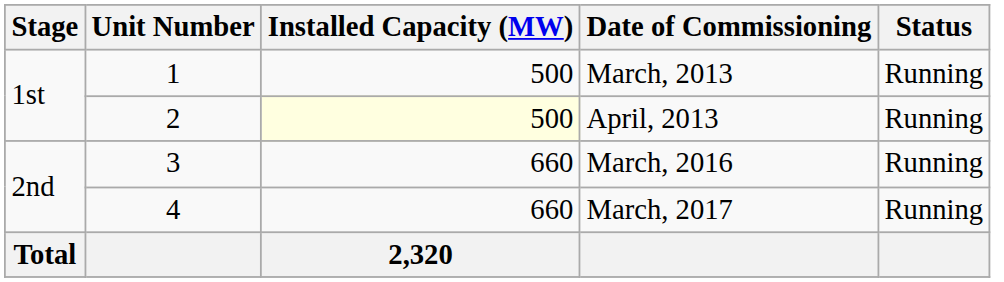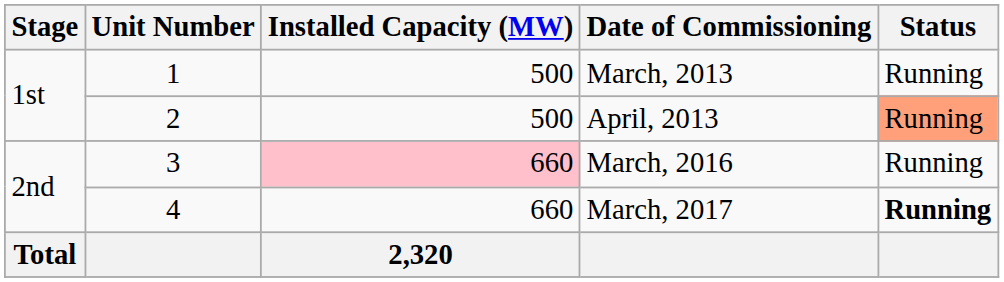 <table class="wikitable">
 <tr>
 <th>Stage</th>
 <th>Unit Number</th>
 <th>Installed Capacity (<a href='#'>MW</a>)</th>
 <th>Date of Commissioning</th>
 <th>Status</th>
 </tr>
 <tr>
 <td rowspan = "2">1st</td>
 <td align="center">1</td>
 <td align="right">500</td>
 <td>March, 2013</td>
 <td>Running</td>
 </tr>
 <tr>
 <td align="center">2</td>
-<td align="right" style="background: lightyellow;">500</td>
+<td align="right">500</td>
 <td>April, 2013</td>
-<td>Running</td>
+<td style="background: lightsalmon;">Running</td>
 </tr>
 <tr>
 <td rowspan = "2">2nd</td>
 <td align="center">3</td>
-<td align="right">660</td>
+<td align="right" style="background: pink;">660</td>
 <td>March, 2016</td>
 <td>Running</td>
 </tr>
 <tr>
 <td align="center">4</td>
 <td align="right">660</td>
 <td>March, 2017</td>
-<td>Running </td>
+<td><strong>Running </strong></td>
 </tr>
 <tr>
 <th>Total</th>
 <th></th>
 <th>2,320</th>
 <th></th>
 <th></th>
 </tr>
 </table>
